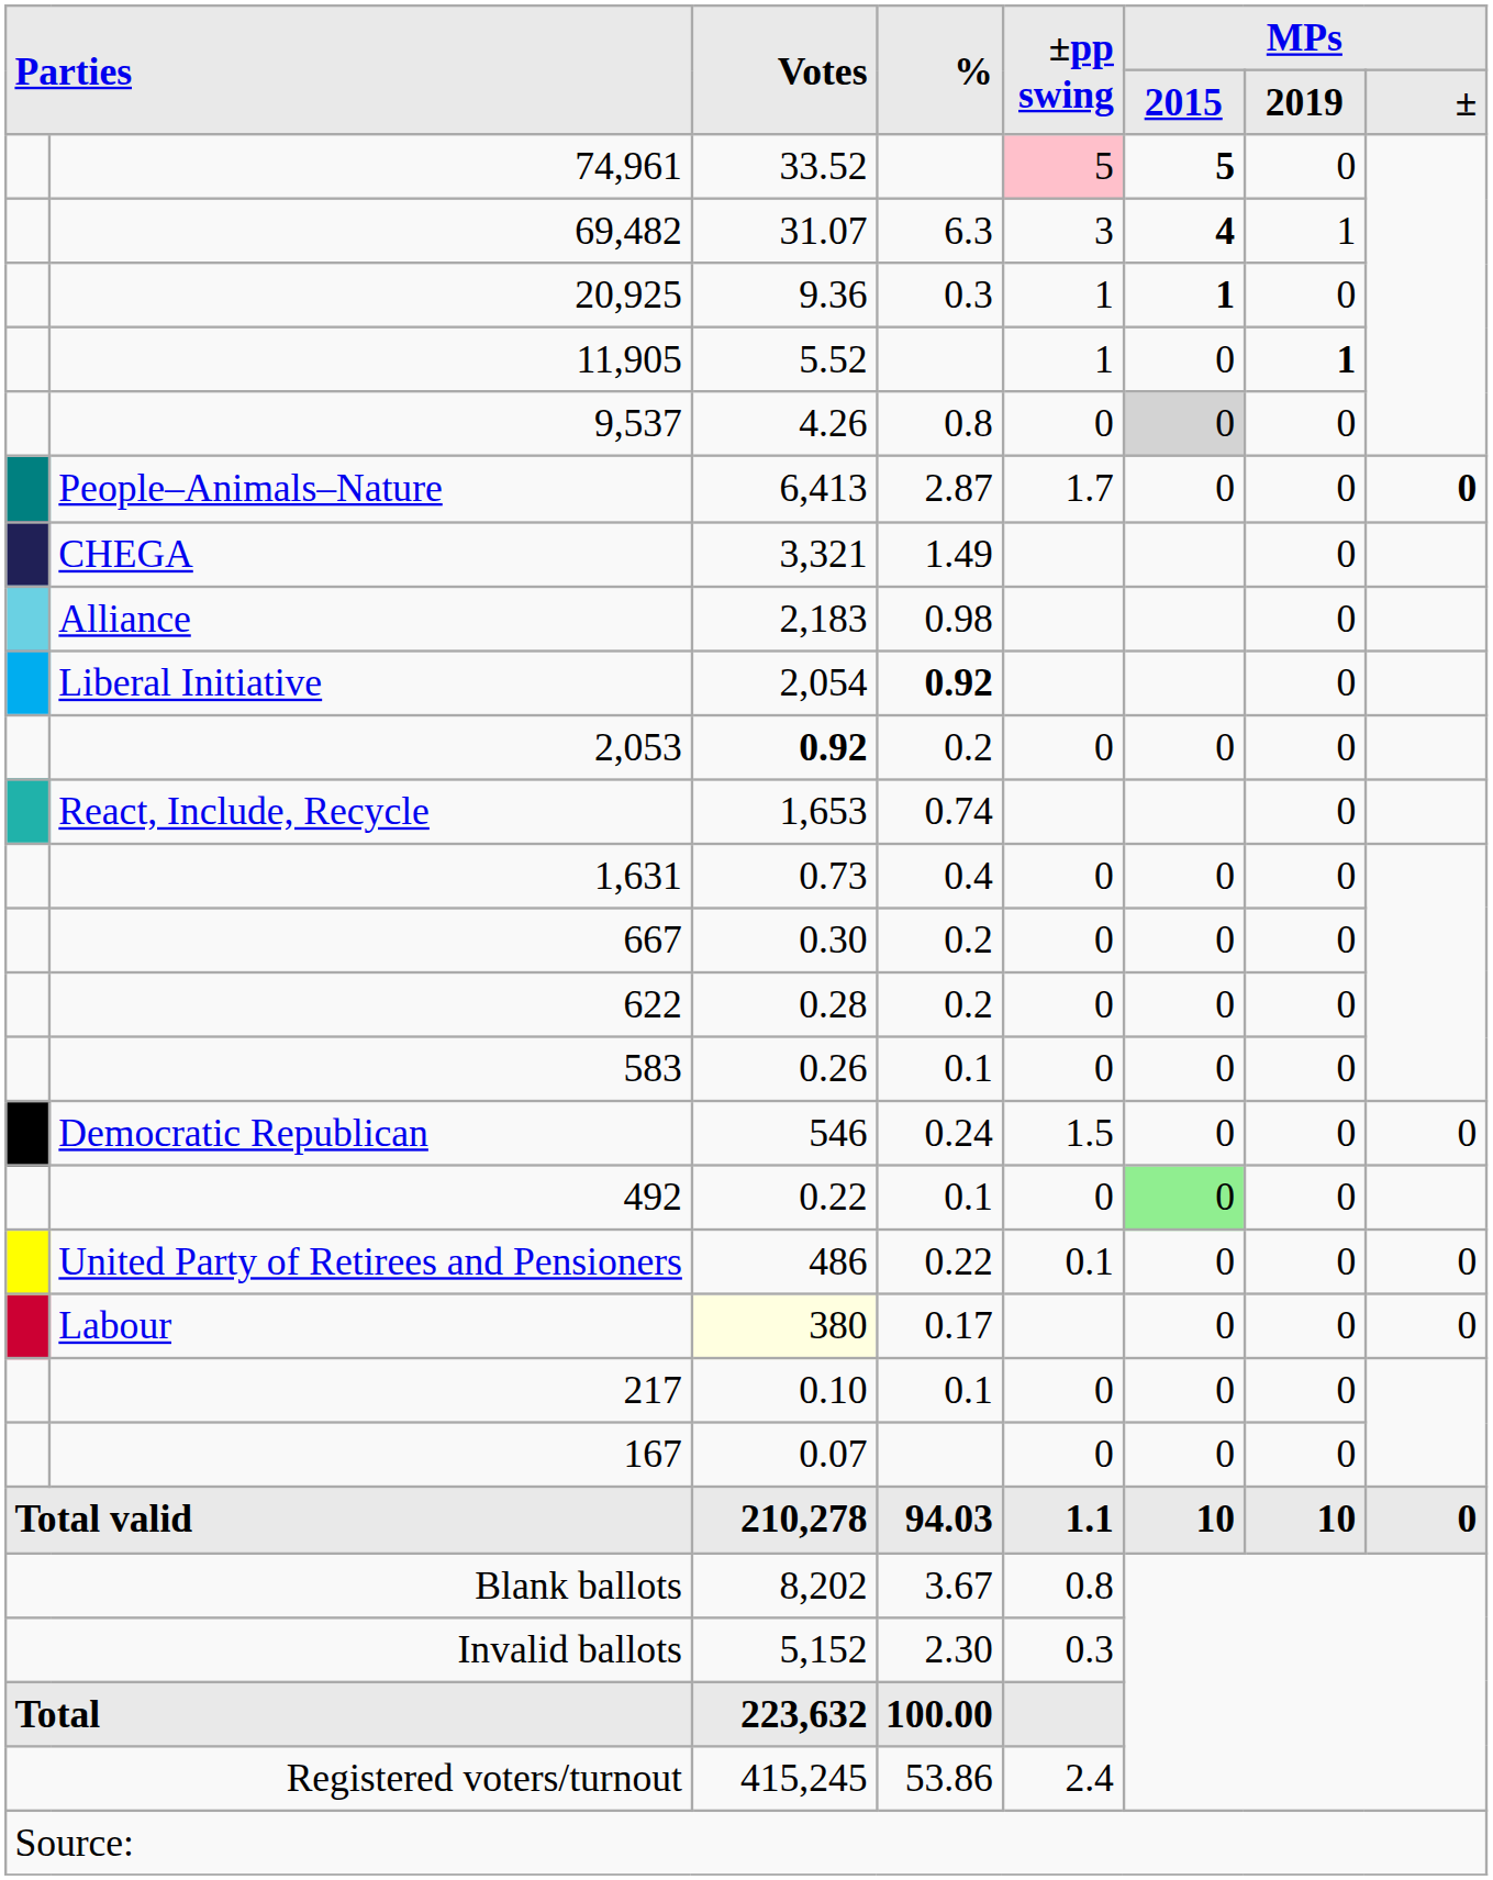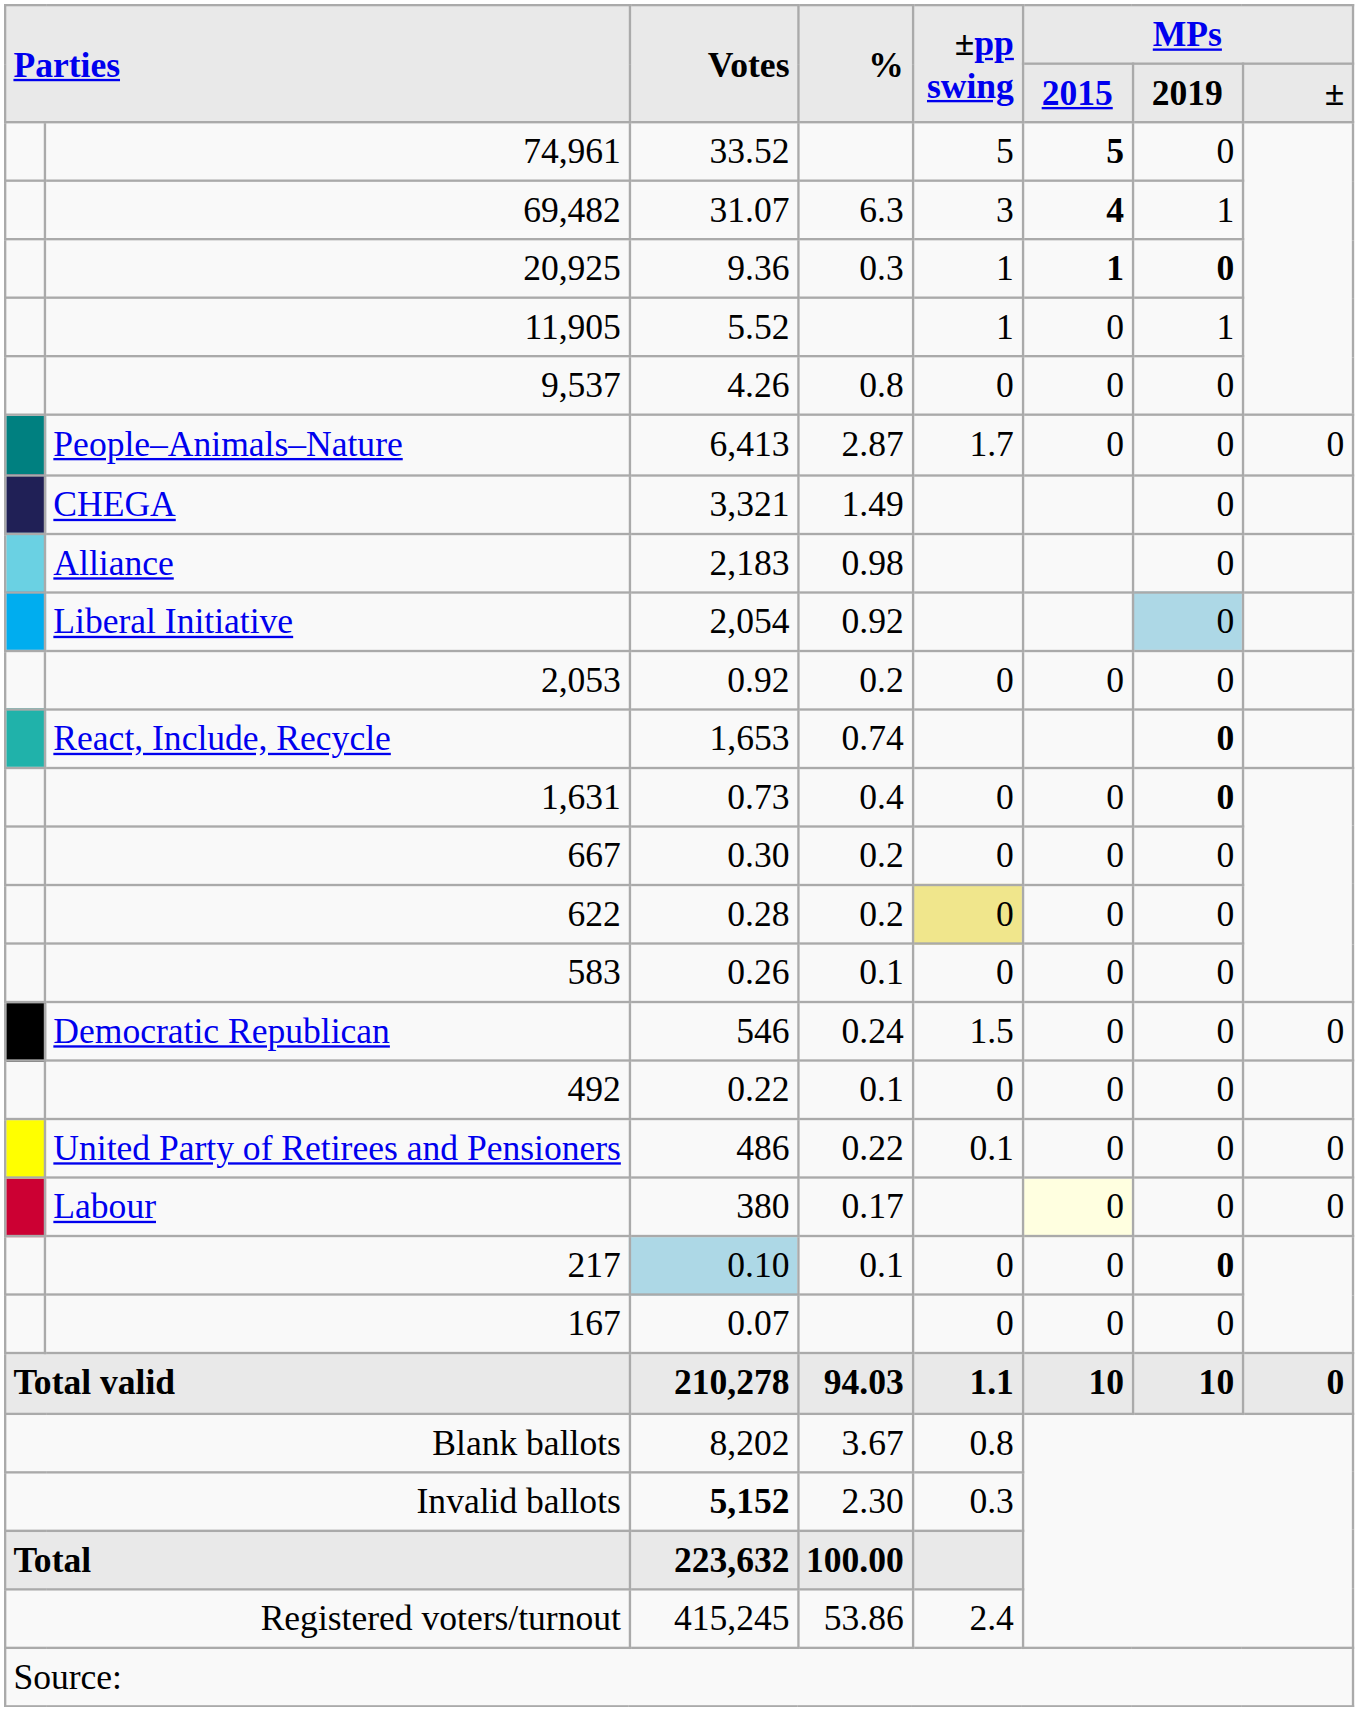 <table class="wikitable" style="text-align:right; font-size:95%;">
 <tr>
 <th rowspan="2" colspan="2" style="background:#e9e9e9; text-align:left;" alignleft><a href='#'>Parties</a></th>
 <th rowspan="2" style="background:#e9e9e9; text-align:right;">Votes</th>
 <th rowspan="2" style="background:#e9e9e9; text-align:right;">%</th>
 <th rowspan="2" style="background:#e9e9e9; text-align:right;">±<a href='#'>pp</a> <a href='#'>swing</a></th>
 <th colspan="3" style="background:#e9e9e9; text-align:center;"><a href='#'>MPs</a></th>
 </tr>
 <tr style="background-color:#E9E9E9">
 <th style="background-color:#E9E9E9;text-align:center;"><a href='#'>2015</a></th>
 <th style="background-color:#E9E9E9;text-align:center;">2019</th>
 <th style="background:#e9e9e9; text-align:right;">±</th>
 </tr>
 <tr>
 <td></td>
 <td>74,961</td>
 <td>33.52</td>
 <td></td>
-<td style="background: pink;">5</td>
+<td>5</td>
 <td><strong>5</strong></td>
 <td>0</td>
 </tr>
 <tr>
 <td></td>
 <td>69,482</td>
 <td>31.07</td>
 <td>6.3</td>
 <td>3</td>
 <td><strong>4</strong></td>
 <td>1</td>
 </tr>
 <tr>
 <td></td>
 <td>20,925</td>
 <td>9.36</td>
 <td>0.3</td>
 <td>1</td>
 <td><strong>1</strong></td>
-<td>0</td>
+<td><strong>0</strong></td>
 </tr>
 <tr>
 <td></td>
 <td>11,905</td>
 <td>5.52</td>
 <td></td>
 <td>1</td>
 <td>0</td>
-<td><strong>1</strong></td>
+<td>1</td>
 </tr>
 <tr>
 <td></td>
 <td>9,537</td>
 <td>4.26</td>
 <td>0.8</td>
 <td>0</td>
-<td style="background: lightgrey;">0</td>
+<td>0</td>
 <td>0</td>
 </tr>
 <tr>
 <td style="width: 10px" bgcolor="teal" align="center"></td>
 <td align="left"><a href='#'>People–Animals–Nature</a></td>
 <td>6,413</td>
 <td>2.87</td>
 <td>1.7</td>
 <td>0</td>
 <td>0</td>
-<td><strong>0</strong></td>
+<td>0</td>
 </tr>
 <tr>
 <td style="width: 10px" bgcolor="#202056" align="center"></td>
 <td align="left"><a href='#'>CHEGA</a></td>
 <td>3,321</td>
 <td>1.49</td>
 <td></td>
 <td></td>
 <td>0</td>
 <td></td>
 </tr>
 <tr>
 <td style="width: 10px" bgcolor="#6AD1E3" align="center"></td>
 <td align="left"><a href='#'>Alliance</a></td>
 <td>2,183</td>
 <td>0.98</td>
 <td></td>
 <td></td>
 <td>0</td>
 <td></td>
 </tr>
 <tr>
 <td style="width: 10px" bgcolor="#00ADEF" align="center"></td>
 <td align="left"><a href='#'>Liberal Initiative</a></td>
 <td>2,054</td>
-<td><strong>0.92</strong></td>
+<td>0.92</td>
 <td></td>
 <td></td>
-<td>0</td>
+<td style="background: lightblue;">0</td>
 <td></td>
 </tr>
 <tr>
 <td></td>
 <td>2,053</td>
-<td><strong>0.92</strong></td>
+<td>0.92</td>
 <td>0.2</td>
 <td>0</td>
 <td>0</td>
 <td>0</td>
 </tr>
 <tr>
 <td style="width: 10px" bgcolor=LightSeaGreen align="center"></td>
 <td align=left><a href='#'>React, Include, Recycle</a></td>
 <td>1,653</td>
 <td>0.74</td>
 <td></td>
 <td></td>
-<td>0</td>
+<td><strong>0</strong></td>
 <td></td>
 </tr>
 <tr>
 <td></td>
 <td>1,631</td>
 <td>0.73</td>
 <td>0.4</td>
 <td>0</td>
 <td>0</td>
-<td>0</td>
+<td><strong>0</strong></td>
 </tr>
 <tr>
 <td></td>
 <td>667</td>
 <td>0.30</td>
 <td>0.2</td>
 <td>0</td>
 <td>0</td>
 <td>0</td>
 </tr>
 <tr>
 <td></td>
 <td>622</td>
 <td>0.28</td>
 <td>0.2</td>
-<td>0</td>
+<td style="background: khaki;">0</td>
 <td>0</td>
 <td>0</td>
 </tr>
 <tr>
 <td></td>
 <td>583</td>
 <td>0.26</td>
 <td>0.1</td>
 <td>0</td>
 <td>0</td>
 <td>0</td>
 </tr>
 <tr>
 <td style="width: 10px" bgcolor=black align="center"></td>
 <td align=left><a href='#'>Democratic Republican</a></td>
 <td>546</td>
 <td>0.24</td>
 <td>1.5</td>
 <td>0</td>
 <td>0</td>
 <td>0</td>
 </tr>
 <tr>
 <td></td>
 <td>492</td>
 <td>0.22</td>
 <td>0.1</td>
 <td>0</td>
-<td style="background: lightgreen;">0</td>
+<td>0</td>
 <td>0</td>
 </tr>
 <tr>
 <td style="width: 10px" bgcolor=yellow align="center"></td>
 <td align=left><a href='#'>United Party of Retirees and Pensioners</a></td>
 <td>486</td>
 <td>0.22</td>
 <td>0.1</td>
 <td>0</td>
 <td>0</td>
 <td>0</td>
 </tr>
 <tr>
 <td style="width: 10px" bgcolor=#CC0033 align="center"></td>
 <td align=left><a href='#'>Labour</a></td>
-<td style="background: lightyellow;">380</td>
+<td>380</td>
 <td>0.17</td>
 <td></td>
-<td>0</td>
+<td style="background: lightyellow;">0</td>
 <td>0</td>
 <td>0</td>
 </tr>
 <tr>
 <td></td>
 <td>217</td>
-<td>0.10</td>
+<td style="background: lightblue;">0.10</td>
 <td>0.1</td>
 <td>0</td>
 <td>0</td>
-<td>0</td>
+<td><strong>0</strong></td>
 </tr>
 <tr>
 <td></td>
 <td>167</td>
 <td>0.07</td>
 <td></td>
 <td>0</td>
 <td>0</td>
 <td>0</td>
 </tr>
 <tr>
 <td colspan=2 align=left style="background-color:#E9E9E9"><strong>Total valid</strong></td>
 <td width="65" align="right" style="background-color:#E9E9E9"><strong>210,278</strong></td>
 <td width="40" align="right" style="background-color:#E9E9E9"><strong>94.03</strong></td>
 <td width="40" align="right" style="background-color:#E9E9E9"><strong>1.1</strong></td>
 <td width="40" align="right" style="background-color:#E9E9E9"><strong>10</strong></td>
 <td width="40" align="right" style="background-color:#E9E9E9"><strong>10</strong></td>
 <td width="40" align="right" style="background-color:#E9E9E9"><strong>0</strong></td>
 </tr>
 <tr>
 <td colspan=2>Blank ballots</td>
 <td>8,202</td>
 <td>3.67</td>
 <td>0.8</td>
 <td colspan=4 rowspan=4></td>
 </tr>
 <tr>
 <td colspan=2>Invalid ballots</td>
-<td>5,152</td>
+<td><strong>5,152</strong></td>
 <td>2.30</td>
 <td>0.3</td>
 </tr>
 <tr>
 <td colspan=2 width="259" align=left style="background-color:#E9E9E9"><strong>Total</strong></td>
 <td width="50" align="right" style="background-color:#E9E9E9"><strong>223,632</strong></td>
 <td width="40" align="right" style="background-color:#E9E9E9"><strong>100.00</strong></td>
 <td width="40" align="right" style="background-color:#E9E9E9"></td>
 </tr>
 <tr>
 <td colspan=2>Registered voters/turnout</td>
 <td>415,245</td>
 <td>53.86</td>
 <td>2.4</td>
 </tr>
 <tr>
 <td colspan=11 align=left>Source: </td>
 </tr>
 </table>
